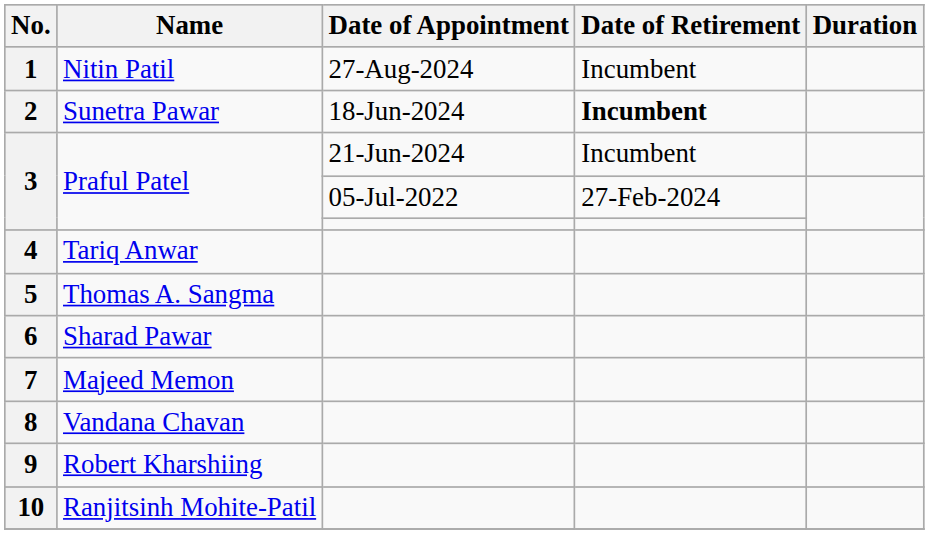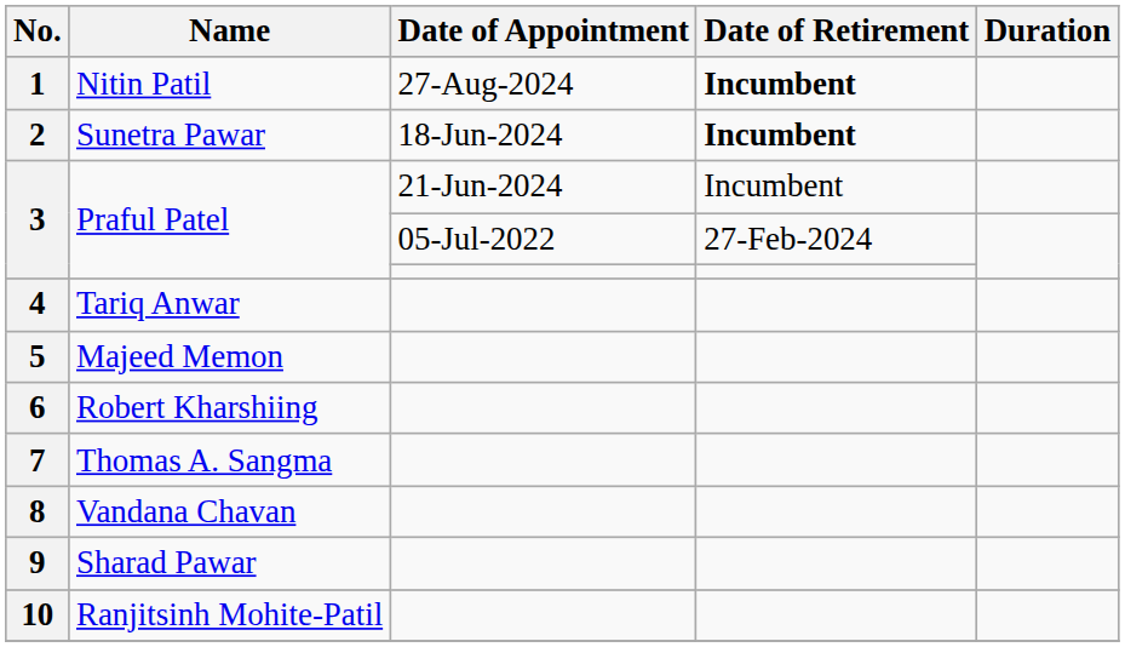 <table class="wikitable sortable">
 <tr>
 <th style="background-color:">No.</th>
 <th style="background-color:">Name</th>
 <th style="background-color:">Date of Appointment</th>
 <th style="background-color:">Date of Retirement</th>
 <th style="background-color:">Duration</th>
 </tr>
 <tr>
 <th>1</th>
 <td><a href='#'>Nitin Patil</a></td>
 <td>27-Aug-2024</td>
-<td>Incumbent</td>
+<td><strong>Incumbent</strong></td>
 <td></td>
 </tr>
 <tr>
 <th>2</th>
 <td><a href='#'>Sunetra Pawar</a></td>
 <td>18-Jun-2024</td>
 <td><strong>Incumbent</strong></td>
 <td></td>
 </tr>
 <tr>
 <th rowspan="3">3</th>
 <td rowspan="3"><a href='#'>Praful Patel</a></td>
 <td>21-Jun-2024</td>
 <td>Incumbent</td>
 <td></td>
 </tr>
 <tr>
 <td>05-Jul-2022</td>
 <td>27-Feb-2024</td>
 <td rowspan="2"></td>
 </tr>
 <tr>
 <td></td>
 <td></td>
 </tr>
 <tr>
 <th>4</th>
 <td><a href='#'>Tariq Anwar</a></td>
 <td></td>
 <td></td>
 <td></td>
 </tr>
 <tr>
 <th>5</th>
-<td><a href='#'>Thomas A. Sangma</a></td>
+<td><a href='#'>Majeed Memon</a></td>
 <td></td>
 <td></td>
 <td></td>
 </tr>
 <tr>
 <th>6</th>
-<td><a href='#'>Sharad Pawar</a></td>
+<td><a href='#'>Robert Kharshiing</a></td>
 <td></td>
 <td></td>
 <td></td>
 </tr>
 <tr>
 <th>7</th>
-<td><a href='#'>Majeed Memon</a></td>
+<td><a href='#'>Thomas A. Sangma</a></td>
 <td></td>
 <td></td>
 <td></td>
 </tr>
 <tr>
 <th>8</th>
 <td><a href='#'>Vandana Chavan</a></td>
 <td></td>
 <td></td>
 <td></td>
 </tr>
 <tr>
 <th>9</th>
-<td><a href='#'>Robert Kharshiing</a></td>
+<td><a href='#'>Sharad Pawar</a></td>
 <td></td>
 <td></td>
 <td></td>
 </tr>
 <tr>
 <th>10</th>
 <td><a href='#'>Ranjitsinh Mohite-Patil</a></td>
 <td></td>
 <td></td>
 <td></td>
 </tr>
 <tr>
 </tr>
 </table>
